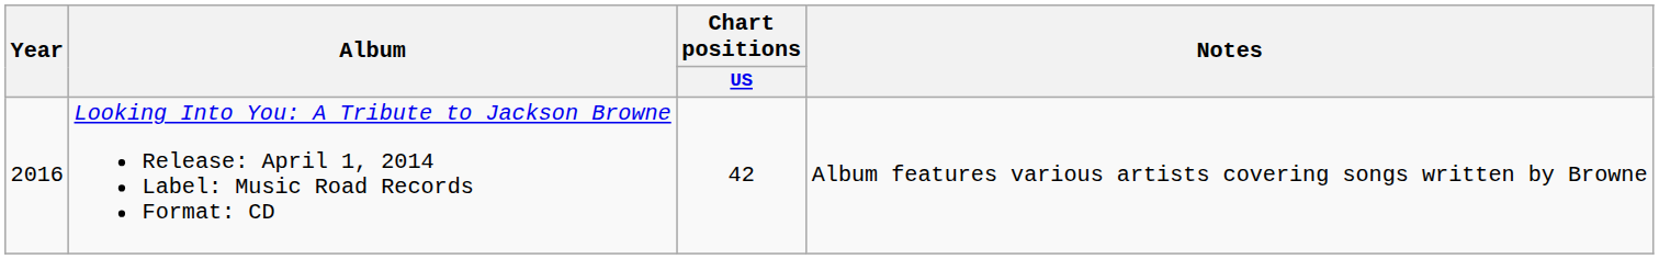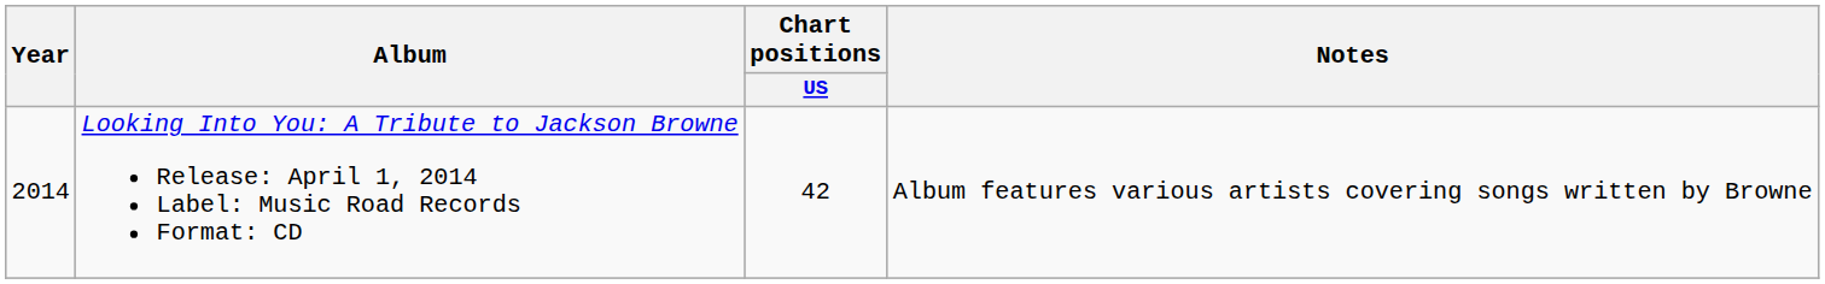 <table class="wikitable">
 <tr>
 <th rowspan="2">Year</th>
 <th rowspan="2">Album</th>
 <th colspan="1">Chart positions</th>
 <th rowspan="2">Notes</th>
 </tr>
 <tr>
 <th style="width:3em;font-size:85%;"><a href='#'>US</a><br></th>
 </tr>
 <tr>
-<td>2016</td>
+<td>2014</td>
 <td><em><a href='#'>Looking Into You: A Tribute to Jackson Browne</a></em><br><ul><li>Release: April 1, 2014</li><li>Label: Music Road Records</li><li>Format: CD</li></ul></td>
 <td align="center">42</td>
 <td>Album features various artists covering songs written by Browne</td>
 </tr>
 </table>
